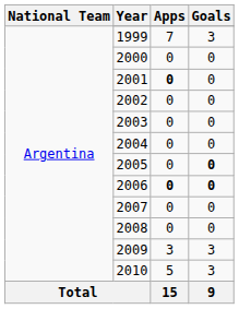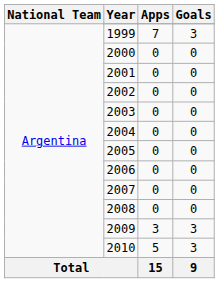 <table class="wikitable" style="text-align: center">
 <tr>
 <th>National Team</th>
 <th>Year</th>
 <th>Apps</th>
 <th>Goals</th>
 </tr>
 <tr>
 <td rowspan="13"><a href='#'>Argentina</a></td>
 </tr>
 <tr>
 <td>1999</td>
 <td>7</td>
 <td>3</td>
 </tr>
 <tr>
 <td>2000</td>
 <td>0</td>
 <td>0</td>
 </tr>
 <tr>
 <td>2001</td>
-<td><strong>0</strong></td>
+<td>0</td>
 <td>0</td>
 </tr>
 <tr>
 <td>2002</td>
 <td>0</td>
 <td>0</td>
 </tr>
 <tr>
 <td>2003</td>
 <td>0</td>
 <td>0</td>
 </tr>
 <tr>
 <td>2004</td>
 <td>0</td>
 <td>0</td>
 </tr>
 <tr>
 <td>2005</td>
 <td>0</td>
-<td><strong>0</strong></td>
+<td>0</td>
 </tr>
 <tr>
 <td>2006</td>
-<td><strong>0</strong></td>
-<td><strong>0</strong></td>
+<td>0</td>
+<td>0</td>
 </tr>
 <tr>
 <td>2007</td>
 <td>0</td>
 <td>0</td>
 </tr>
 <tr>
 <td>2008</td>
 <td>0</td>
 <td>0</td>
 </tr>
 <tr>
 <td>2009</td>
 <td>3</td>
 <td>3</td>
 </tr>
 <tr>
 <td>2010</td>
 <td>5</td>
 <td>3</td>
 </tr>
 <tr>
 <th colspan="2">Total</th>
 <th>15</th>
 <th>9</th>
 </tr>
 </table>
